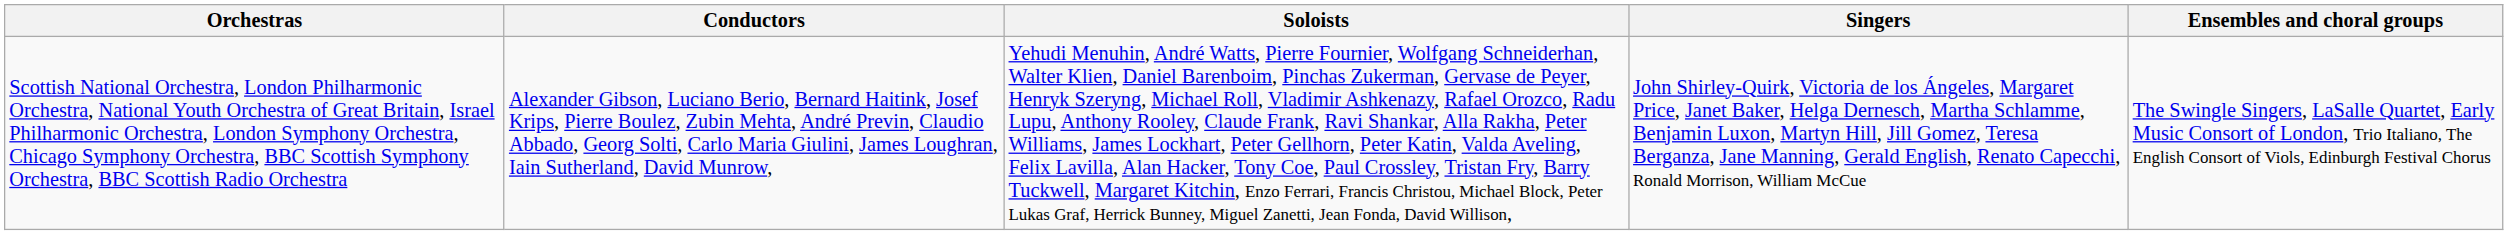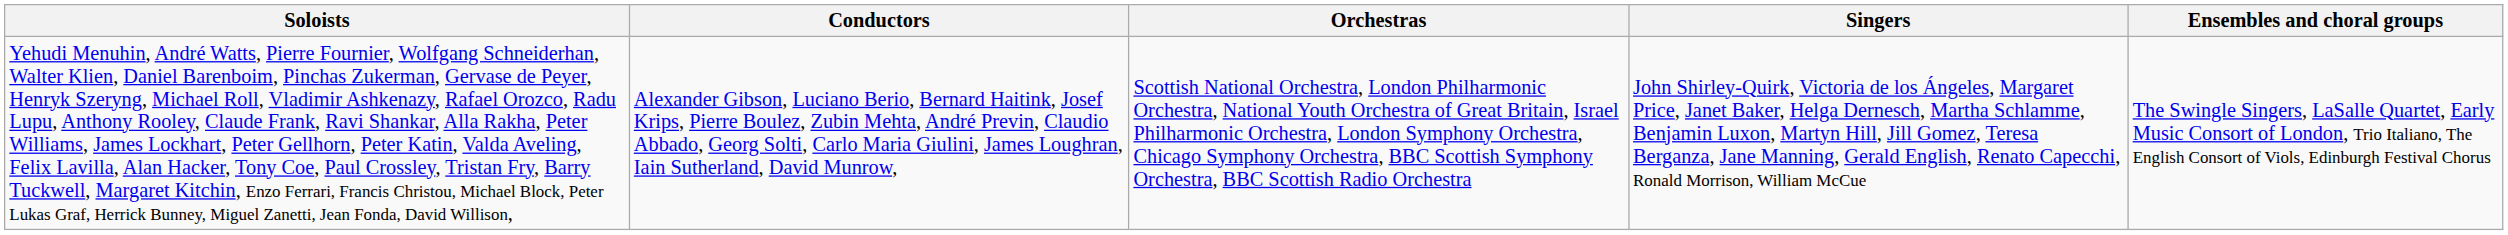 <table class="wikitable toptextcells">
 <tr class="hintergrundfarbe5">
+<th style="width:25%;">Soloists</th>
+<th style="width:20%;">Conductors</th>
 <th style="width:20%;">Orchestras</th>
-<th style="width:20%;">Conductors</th>
-<th style="width:25%;">Soloists</th>
 <th style="width:20%;">Singers</th>
 <th style="width:15%;">Ensembles and choral groups</th>
 </tr>
 <tr>
+<td><a href='#'>Yehudi Menuhin</a>, <a href='#'>André Watts</a>, <a href='#'>Pierre Fournier</a>, <a href='#'>Wolfgang Schneiderhan</a>, <a href='#'>Walter Klien</a>, <a href='#'>Daniel Barenboim</a>, <a href='#'>Pinchas Zukerman</a>, <a href='#'>Gervase de Peyer</a>, <a href='#'>Henryk Szeryng</a>, <a href='#'>Michael Roll</a>, <a href='#'>Vladimir Ashkenazy</a>, <a href='#'>Rafael Orozco</a>, <a href='#'>Radu Lupu</a>, <a href='#'>Anthony Rooley</a>, <a href='#'>Claude Frank</a>, <a href='#'>Ravi Shankar</a>, <a href='#'>Alla Rakha</a>, <a href='#'>Peter Williams</a>, <a href='#'>James Lockhart</a>,  <a href='#'>Peter Gellhorn</a>, <a href='#'>Peter Katin</a>, <a href='#'>Valda Aveling</a>, <a href='#'>Felix Lavilla</a>, <a href='#'>Alan Hacker</a>, <a href='#'>Tony Coe</a>, <a href='#'>Paul Crossley</a>, <a href='#'>Tristan Fry</a>, <a href='#'>Barry Tuckwell</a>, <a href='#'>Margaret Kitchin</a>, <small>Enzo Ferrari, Francis Christou, Michael Block, Peter Lukas Graf, Herrick Bunney, Miguel Zanetti, Jean Fonda, David Willison</small>,</td>
+<td><a href='#'>Alexander Gibson</a>, <a href='#'>Luciano Berio</a>, <a href='#'>Bernard Haitink</a>, <a href='#'>Josef Krips</a>, <a href='#'>Pierre Boulez</a>, <a href='#'>Zubin Mehta</a>, <a href='#'>André Previn</a>, <a href='#'>Claudio Abbado</a>, <a href='#'>Georg Solti</a>, <a href='#'>Carlo Maria Giulini</a>, <a href='#'>James Loughran</a>, <a href='#'>Iain Sutherland</a>, <a href='#'>David Munrow</a>,</td>
 <td><a href='#'>Scottish National Orchestra</a>, <a href='#'>London Philharmonic Orchestra</a>, <a href='#'>National Youth Orchestra of Great Britain</a>, <a href='#'>Israel Philharmonic Orchestra</a>, <a href='#'>London Symphony Orchestra</a>, <a href='#'>Chicago Symphony Orchestra</a>, <a href='#'>BBC Scottish Symphony Orchestra</a>, <a href='#'>BBC Scottish Radio Orchestra</a></td>
-<td><a href='#'>Alexander Gibson</a>, <a href='#'>Luciano Berio</a>, <a href='#'>Bernard Haitink</a>, <a href='#'>Josef Krips</a>, <a href='#'>Pierre Boulez</a>, <a href='#'>Zubin Mehta</a>, <a href='#'>André Previn</a>, <a href='#'>Claudio Abbado</a>, <a href='#'>Georg Solti</a>, <a href='#'>Carlo Maria Giulini</a>, <a href='#'>James Loughran</a>, <a href='#'>Iain Sutherland</a>, <a href='#'>David Munrow</a>,</td>
-<td><a href='#'>Yehudi Menuhin</a>, <a href='#'>André Watts</a>, <a href='#'>Pierre Fournier</a>, <a href='#'>Wolfgang Schneiderhan</a>, <a href='#'>Walter Klien</a>, <a href='#'>Daniel Barenboim</a>, <a href='#'>Pinchas Zukerman</a>, <a href='#'>Gervase de Peyer</a>, <a href='#'>Henryk Szeryng</a>, <a href='#'>Michael Roll</a>, <a href='#'>Vladimir Ashkenazy</a>, <a href='#'>Rafael Orozco</a>, <a href='#'>Radu Lupu</a>, <a href='#'>Anthony Rooley</a>, <a href='#'>Claude Frank</a>, <a href='#'>Ravi Shankar</a>, <a href='#'>Alla Rakha</a>, <a href='#'>Peter Williams</a>, <a href='#'>James Lockhart</a>,  <a href='#'>Peter Gellhorn</a>, <a href='#'>Peter Katin</a>, <a href='#'>Valda Aveling</a>, <a href='#'>Felix Lavilla</a>, <a href='#'>Alan Hacker</a>, <a href='#'>Tony Coe</a>, <a href='#'>Paul Crossley</a>, <a href='#'>Tristan Fry</a>, <a href='#'>Barry Tuckwell</a>, <a href='#'>Margaret Kitchin</a>, <small>Enzo Ferrari, Francis Christou, Michael Block, Peter Lukas Graf, Herrick Bunney, Miguel Zanetti, Jean Fonda, David Willison</small>,</td>
 <td><a href='#'>John Shirley-Quirk</a>, <a href='#'>Victoria de los Ángeles</a>, <a href='#'>Margaret Price</a>, <a href='#'>Janet Baker</a>, <a href='#'>Helga Dernesch</a>, <a href='#'>Martha Schlamme</a>, <a href='#'>Benjamin Luxon</a>, <a href='#'>Martyn Hill</a>, <a href='#'>Jill Gomez</a>, <a href='#'>Teresa Berganza</a>, <a href='#'>Jane Manning</a>, <a href='#'>Gerald English</a>, <a href='#'>Renato Capecchi</a>, <small>Ronald Morrison, William McCue</small></td>
 <td><a href='#'>The Swingle Singers</a>, <a href='#'>LaSalle Quartet</a>, <a href='#'>Early Music Consort of London</a>, <small>Trio Italiano, The English Consort of Viols, Edinburgh Festival Chorus</small></td>
 </tr>
 </table>
